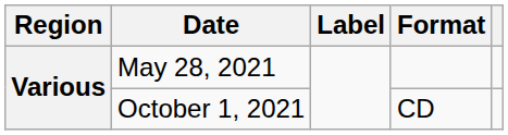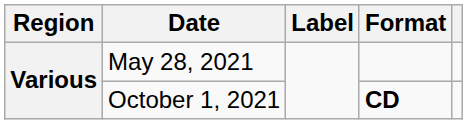 <table class="wikitable plainrowheaders">
 <tr>
 <th scope="col">Region</th>
 <th scope="col">Date</th>
 <th scope="col">Label</th>
 <th scope="col">Format</th>
 <th scope="col"></th>
 </tr>
 <tr>
 <th scope="row" rowspan="2">Various</th>
 <td>May 28, 2021</td>
 <td rowspan="2"></td>
 <td></td>
 <td></td>
 </tr>
 <tr>
 <td>October 1, 2021</td>
-<td>CD</td>
+<td><strong>CD</strong></td>
 <td></td>
 </tr>
 </table>
